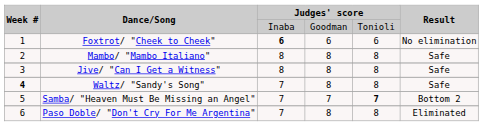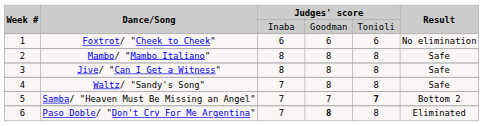 <table class="wikitable" style="float:left;">
 <tr style="text-align:Center; background:#ccc;">
 <td rowspan="2"><strong>Week #</strong></td>
 <td rowspan="2"><strong>Dance/Song</strong></td>
 <td colspan="3"><strong>Judges' score</strong></td>
 <td rowspan="2"><strong>Result</strong></td>
 </tr>
 <tr style="text-align:center; background:#ccc;">
 <td style="width:10%; ">Inaba</td>
 <td style="width:10%; ">Goodman</td>
 <td style="width:10%; ">Tonioli</td>
 </tr>
 <tr style="text-align:center; background:#faf6f6;">
 <td>1</td>
 <td><a href='#'>Foxtrot</a>/ "<a href='#'>Cheek to Cheek</a>"</td>
-<td><strong>6</strong></td>
+<td>6</td>
 <td>6</td>
 <td>6</td>
 <td>No elimination</td>
 </tr>
 <tr>
 </tr>
 <tr style="text-align:center; background:#faf6f6;">
 <td>2</td>
 <td><a href='#'>Mambo</a>/ "<a href='#'>Mambo Italiano</a>"</td>
 <td>8</td>
 <td>8</td>
 <td>8</td>
 <td>Safe</td>
 </tr>
 <tr>
 </tr>
 <tr style="text-align:center; background:#faf6f6;">
 <td>3</td>
 <td><a href='#'>Jive</a>/ "<a href='#'>Can I Get a Witness</a>"</td>
 <td>8</td>
 <td>8</td>
 <td>8</td>
 <td>Safe</td>
 </tr>
 <tr>
 </tr>
 <tr style="text-align:center; background:#faf6f6;">
-<td><strong>4</strong></td>
+<td>4</td>
 <td><a href='#'>Waltz</a>/ "Sandy's Song"</td>
 <td>7</td>
 <td>8</td>
 <td>8</td>
 <td>Safe</td>
 </tr>
 <tr>
 </tr>
 <tr style="text-align:center; background:#faf6f6;">
 <td>5</td>
 <td><a href='#'>Samba</a>/ "Heaven Must Be Missing an Angel"</td>
 <td>7</td>
 <td>7</td>
 <td><strong>7</strong></td>
 <td>Bottom 2</td>
 </tr>
 <tr>
 </tr>
 <tr style="text-align:center; background:#faf6f6;">
 <td>6</td>
 <td><a href='#'>Paso Doble</a>/ "<a href='#'>Don't Cry For Me Argentina</a>"</td>
 <td>7</td>
-<td>8</td>
+<td><strong>8</strong></td>
 <td>8</td>
 <td>Eliminated</td>
 </tr>
 </table>
